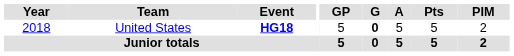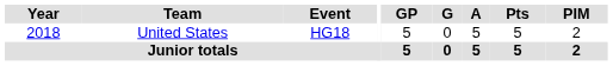 <table border="0" cellpadding="1" cellspacing="0" ID="Table3" style="text-align:center; width:40em">
 <tr bgcolor="#e0e0e0">
 <th>Year</th>
 <th>Team</th>
 <th>Event</th>
 <th rowspan="102" bgcolor="#ffffff"></th>
 <th>GP</th>
 <th>G</th>
 <th>A</th>
 <th>Pts</th>
 <th>PIM</th>
 </tr>
 <tr>
 <td><a href='#'>2018</a></td>
 <td><a href='#'>United States</a></td>
-<td><strong><a href='#'>HG18</a></strong></td>
+<td><a href='#'>HG18</a></td>
 <td>5</td>
-<td><strong>0</strong></td>
+<td>0</td>
 <td>5</td>
 <td>5</td>
 <td>2</td>
 </tr>
 <tr bgcolor="#e0e0e0">
 <th colspan="4">Junior totals</th>
 <th>5</th>
 <th>0</th>
 <th>5</th>
 <th>5</th>
 <th>2</th>
 </tr>
 </table>
